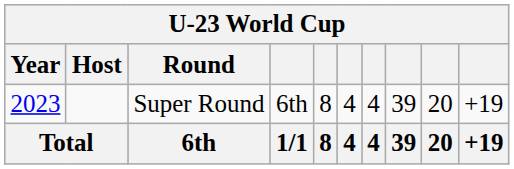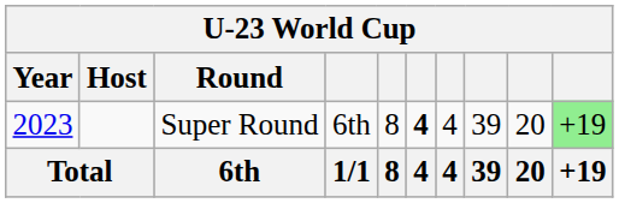 <table class="wikitable" style="text-align: center;">
 <tr>
 <th colspan=10>U-23 World Cup</th>
 </tr>
 <tr>
 <th scope="col">Year</th>
 <th scope="col">Host</th>
 <th scope="col">Round</th>
 <th scope="col"></th>
 <th scope="col"></th>
 <th scope="col"></th>
 <th scope="col"></th>
 <th scope="col"></th>
 <th scope="col"></th>
 <th scope="col"></th>
 </tr>
 <tr>
 <td><a href='#'>2023</a></td>
 <td align=left></td>
 <td>Super Round</td>
 <td>6th</td>
 <td>8</td>
-<td>4</td>
+<td><strong>4</strong></td>
 <td>4</td>
 <td>39</td>
 <td>20</td>
-<td>+19</td>
+<td style="background: lightgreen;">+19</td>
 </tr>
 <tr>
 <th colspan="2"><strong>Total</strong></th>
 <th><strong>6th</strong></th>
 <th>1/1</th>
 <th><strong>8</strong></th>
 <th><strong>4</strong></th>
 <th><strong>4</strong></th>
 <th><strong>39</strong></th>
 <th><strong>20</strong></th>
 <th><strong>+19</strong></th>
 </tr>
 </table>
